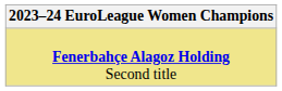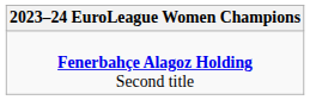 <table class=wikitable style="text-align:center; margin:auto">
 <tr>
 <th>2023–24 EuroLeague Women Champions</th>
 </tr>
 <tr>
-<td style="background: khaki;"> <br><strong><a href='#'>Fenerbahçe Alagoz Holding</a></strong><br>Second title</td>
+<td> <br><strong><a href='#'>Fenerbahçe Alagoz Holding</a></strong><br>Second title</td>
 </tr>
 </table>
